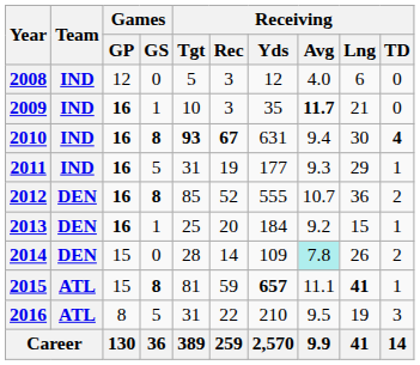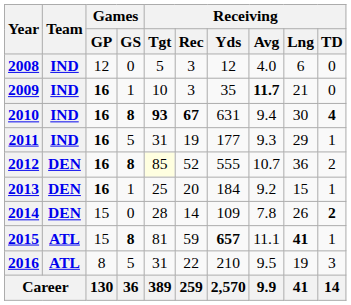 <table class="wikitable" style="text-align:center;">
 <tr>
 <th rowspan="2">Year</th>
 <th rowspan="2">Team</th>
 <th colspan="2">Games</th>
 <th colspan="6">Receiving</th>
 </tr>
 <tr>
 <th>GP</th>
 <th>GS</th>
 <th>Tgt</th>
 <th>Rec</th>
 <th>Yds</th>
 <th>Avg</th>
 <th>Lng</th>
 <th>TD</th>
 </tr>
 <tr>
 <th><a href='#'>2008</a></th>
 <th><a href='#'>IND</a></th>
 <td>12</td>
 <td>0</td>
 <td>5</td>
 <td>3</td>
 <td>12</td>
 <td>4.0</td>
 <td>6</td>
 <td>0</td>
 </tr>
 <tr>
 <th><a href='#'>2009</a></th>
 <th><a href='#'>IND</a></th>
 <td><strong>16</strong></td>
 <td>1</td>
 <td>10</td>
 <td>3</td>
 <td>35</td>
 <td><strong>11.7</strong></td>
 <td>21</td>
 <td>0</td>
 </tr>
 <tr>
 <th><a href='#'>2010</a></th>
 <th><a href='#'>IND</a></th>
 <td><strong>16</strong></td>
 <td><strong>8</strong></td>
 <td><strong>93</strong></td>
 <td><strong>67</strong></td>
 <td>631</td>
 <td>9.4</td>
 <td>30</td>
 <td><strong>4</strong></td>
 </tr>
 <tr>
 <th><a href='#'>2011</a></th>
 <th><a href='#'>IND</a></th>
 <td><strong>16</strong></td>
 <td>5</td>
 <td>31</td>
 <td>19</td>
 <td>177</td>
 <td>9.3</td>
 <td>29</td>
 <td>1</td>
 </tr>
 <tr>
 <th><a href='#'>2012</a></th>
 <th><a href='#'>DEN</a></th>
 <td><strong>16</strong></td>
 <td><strong>8</strong></td>
-<td>85</td>
+<td style="background: lightyellow;">85</td>
 <td>52</td>
 <td>555</td>
 <td>10.7</td>
 <td>36</td>
 <td>2</td>
 </tr>
 <tr>
 <th><a href='#'>2013</a></th>
 <th><a href='#'>DEN</a></th>
 <td><strong>16</strong></td>
 <td>1</td>
 <td>25</td>
 <td>20</td>
 <td>184</td>
 <td>9.2</td>
 <td>15</td>
 <td>1</td>
 </tr>
 <tr>
 <th><a href='#'>2014</a></th>
 <th><a href='#'>DEN</a></th>
 <td>15</td>
 <td>0</td>
 <td>28</td>
 <td>14</td>
 <td>109</td>
-<td style="background: paleturquoise;">7.8</td>
+<td>7.8</td>
 <td>26</td>
-<td>2</td>
+<td><strong>2</strong></td>
 </tr>
 <tr>
 <th><a href='#'>2015</a></th>
 <th><a href='#'>ATL</a></th>
 <td>15</td>
 <td><strong>8</strong></td>
 <td>81</td>
 <td>59</td>
 <td><strong>657</strong></td>
 <td>11.1</td>
 <td><strong>41</strong></td>
 <td>1</td>
 </tr>
 <tr>
 <th><a href='#'>2016</a></th>
 <th><a href='#'>ATL</a></th>
 <td>8</td>
 <td>5</td>
 <td>31</td>
 <td>22</td>
 <td>210</td>
 <td>9.5</td>
 <td>19</td>
 <td>3</td>
 </tr>
 <tr>
 <th colspan="2">Career</th>
 <th>130</th>
 <th>36</th>
 <th>389</th>
 <th>259</th>
 <th>2,570</th>
 <th>9.9</th>
 <th>41</th>
 <th>14</th>
 </tr>
 </table>
